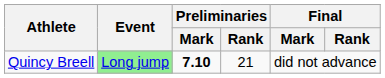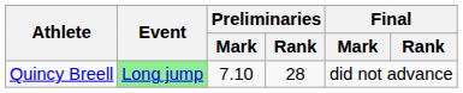 <table class=wikitable style="font-size:90%;">
 <tr>
 <th rowspan=2>Athlete</th>
 <th rowspan=2>Event</th>
 <th colspan=2>Preliminaries</th>
 <th colspan=2>Final</th>
 </tr>
 <tr>
 <th>Mark</th>
 <th>Rank</th>
 <th>Mark</th>
 <th>Rank</th>
 </tr>
 <tr>
 <td><a href='#'>Quincy Breell</a></td>
 <td style="background: lightgreen;"><a href='#'>Long jump</a></td>
-<td align="center"><strong>7.10</strong></td>
-<td align="center">21</td>
+<td align="center">7.10</td>
+<td align="center">28</td>
 <td align="center" colspan=2>did not advance</td>
 </tr>
 </table>
